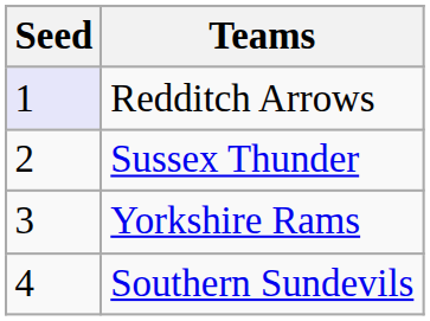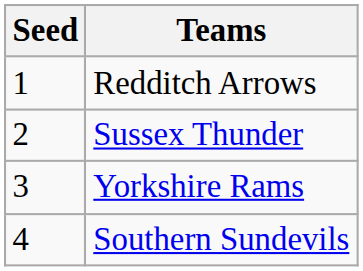 <table class="wikitable">
 <tr>
 <th>Seed</th>
 <th>Teams</th>
 </tr>
 <tr>
-<td style="background: lavender;">1</td>
+<td>1</td>
 <td>Redditch Arrows</td>
 </tr>
 <tr>
 <td>2</td>
 <td><a href='#'>Sussex Thunder</a></td>
 </tr>
 <tr>
 <td>3</td>
 <td><a href='#'>Yorkshire Rams</a></td>
 </tr>
 <tr>
 <td>4</td>
 <td><a href='#'>Southern Sundevils</a></td>
 </tr>
 </table>
